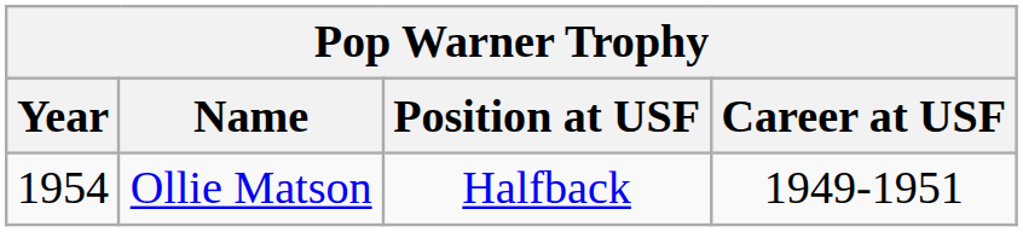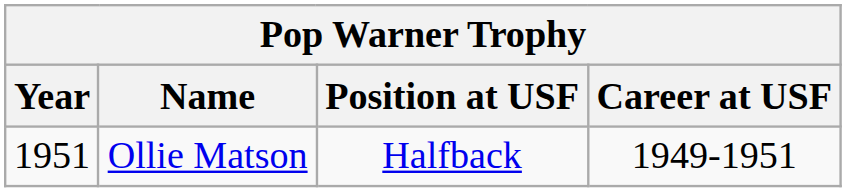 <table class="wikitable">
 <tr align="center">
 <th colspan=5>Pop Warner Trophy</th>
 </tr>
 <tr>
 <th>Year</th>
 <th>Name</th>
 <th>Position at USF</th>
 <th>Career at USF</th>
 </tr>
 <tr align="center" bgcolor="">
-<td>1954</td>
+<td>1951</td>
 <td><a href='#'>Ollie Matson</a></td>
 <td><a href='#'>Halfback</a></td>
 <td>1949-1951</td>
 </tr>
 </table>
